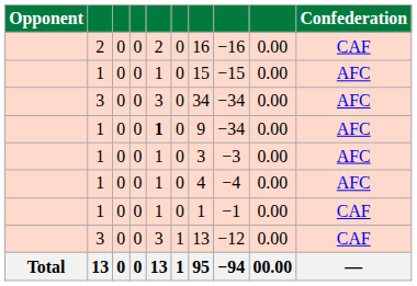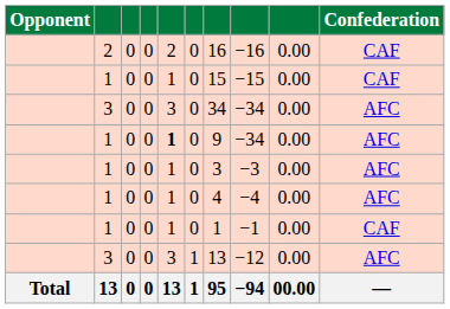 <table class="wikitable sortable" style="text-align:center;">
 <tr style="color:white">
 <th style="background-color:#007A3D;color:white">Opponent</th>
 <th style="background-color:#007A3D;"></th>
 <th style="background-color:#007A3D;"></th>
 <th style="background-color:#007A3D;"></th>
 <th style="background-color:#007A3D;"></th>
 <th style="background-color:#007A3D;"></th>
 <th style="background-color:#007A3D;"></th>
 <th style="background-color:#007A3D;"></th>
 <th style="background-color:#007A3D;"></th>
 <th style="background-color:#007A3D;color:white">Confederation</th>
 </tr>
 <tr bgcolor=FFDACC>
 <td style="text-align:left;"></td>
 <td>2</td>
 <td>0</td>
 <td>0</td>
 <td>2</td>
 <td>0</td>
 <td>16</td>
 <td>−16</td>
 <td>0.00</td>
 <td><a href='#'>CAF</a></td>
 </tr>
 <tr bgcolor=FFDACC>
 <td style="text-align:left;"></td>
 <td>1</td>
 <td>0</td>
 <td>0</td>
 <td>1</td>
 <td>0</td>
 <td>15</td>
 <td>−15</td>
 <td>0.00</td>
-<td><a href='#'>AFC</a></td>
+<td><a href='#'>CAF</a></td>
 </tr>
 <tr bgcolor=FFDACC>
 <td style="text-align:left;"></td>
 <td>3</td>
 <td>0</td>
 <td>0</td>
 <td>3</td>
 <td>0</td>
 <td>34</td>
 <td>−34</td>
 <td>0.00</td>
 <td><a href='#'>AFC</a></td>
 </tr>
 <tr bgcolor=FFDACC>
 <td style="text-align:left;"></td>
 <td>1</td>
 <td>0</td>
 <td>0</td>
 <td><strong>1</strong></td>
 <td>0</td>
 <td>9</td>
 <td>−34</td>
 <td>0.00</td>
 <td><a href='#'>AFC</a></td>
 </tr>
 <tr bgcolor=FFDACC>
 <td style="text-align:left;"></td>
 <td>1</td>
 <td>0</td>
 <td>0</td>
 <td>1</td>
 <td>0</td>
 <td>3</td>
 <td>−3</td>
 <td>0.00</td>
 <td><a href='#'>AFC</a></td>
 </tr>
 <tr bgcolor=FFDACC>
 <td style="text-align:left;"></td>
 <td>1</td>
 <td>0</td>
 <td>0</td>
 <td>1</td>
 <td>0</td>
 <td>4</td>
 <td>−4</td>
 <td>0.00</td>
 <td><a href='#'>AFC</a></td>
 </tr>
 <tr bgcolor=FFDACC>
 <td style="text-align:left;"></td>
 <td>1</td>
 <td>0</td>
 <td>0</td>
 <td>1</td>
 <td>0</td>
 <td>1</td>
 <td>−1</td>
 <td>0.00</td>
 <td><a href='#'>CAF</a></td>
 </tr>
 <tr bgcolor=FFDACC>
 <td style="text-align:left;"></td>
 <td>3</td>
 <td>0</td>
 <td>0</td>
 <td>3</td>
 <td>1</td>
 <td>13</td>
 <td>−12</td>
 <td>0.00</td>
-<td><a href='#'>CAF</a></td>
+<td><a href='#'>AFC</a></td>
 </tr>
 <tr>
 <th>Total</th>
 <th>13</th>
 <th>0</th>
 <th>0</th>
 <th>13</th>
 <th>1</th>
 <th>95</th>
 <th>−94</th>
 <th>00.00</th>
 <th>—</th>
 </tr>
 </table>
